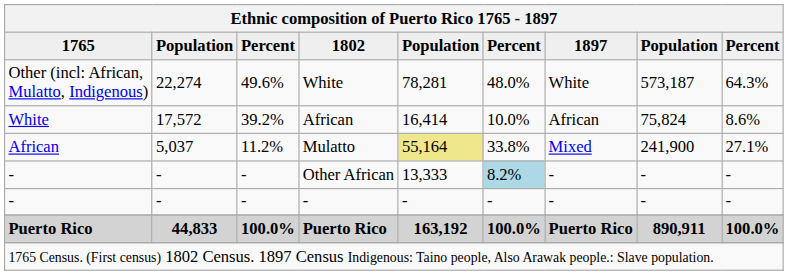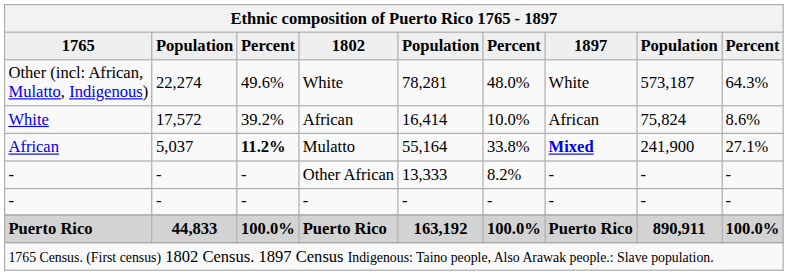 <table class="sort wikitable" style="font-size: 90%">
 <tr>
 <th colspan=9>Ethnic composition of Puerto Rico 1765 - 1897</th>
 </tr>
 <tr>
 <th style="background:#efefef;">1765</th>
 <th style="background:#efefef;">Population</th>
 <th style="background:#efefef;">Percent</th>
 <th style="background:#efefef;">1802</th>
 <th style="background:#efefef;">Population</th>
 <th style="background:#efefef;">Percent</th>
 <th style="background:#efefef;">1897</th>
 <th style="background:#efefef;">Population</th>
 <th style="background:#efefef;">Percent</th>
 </tr>
 <tr>
 <td>Other (incl: African, <br><a href='#'>Mulatto</a>, <a href='#'>Indigenous</a>)</td>
 <td>22,274</td>
 <td>49.6%</td>
 <td>White</td>
 <td>78,281</td>
 <td>48.0%</td>
 <td>White</td>
 <td>573,187</td>
 <td>64.3%</td>
 </tr>
 <tr>
 <td><a href='#'>White</a></td>
 <td>17,572</td>
 <td>39.2%</td>
 <td>African</td>
 <td>16,414</td>
 <td>10.0%</td>
 <td>African</td>
 <td>75,824</td>
 <td>8.6%</td>
 </tr>
 <tr>
 <td><a href='#'>African</a></td>
 <td>5,037</td>
-<td>11.2%</td>
+<td><strong>11.2%</strong></td>
 <td>Mulatto</td>
-<td style="background: khaki;">55,164</td>
+<td>55,164</td>
 <td>33.8%</td>
-<td><a href='#'>Mixed</a></td>
+<td><strong><a href='#'>Mixed</a></strong></td>
 <td>241,900</td>
 <td>27.1%</td>
 </tr>
 <tr>
 <td>-</td>
 <td>-</td>
 <td>-</td>
 <td>Other African</td>
 <td>13,333</td>
-<td style="background: lightblue;">8.2%</td>
+<td>8.2%</td>
 <td>-</td>
 <td>-</td>
 <td>-</td>
 </tr>
 <tr>
 <td>-</td>
 <td>-</td>
 <td>-</td>
 <td>-</td>
 <td>-</td>
 <td>-</td>
 <td>-</td>
 <td>-</td>
 <td>-</td>
 </tr>
 <tr>
 </tr>
 <tr class= "sortbottom" bgcolor="lightgrey">
 <td> <strong>Puerto Rico</strong></td>
 <td align = center><strong>44,833</strong></td>
 <td align = center><strong>100.0%</strong></td>
 <td> <strong>Puerto Rico</strong></td>
 <td align = center><strong>163,192</strong></td>
 <td align = center><strong>100.0%</strong></td>
 <td> <strong>Puerto Rico</strong></td>
 <td align = center><strong>890,911</strong></td>
 <td align = center><strong>100.0%</strong></td>
 </tr>
 <tr>
 </tr>
 <tr>
 <td colspan="9" style="text-align:left;"><small> 1765 Census. (First census)</small> 1802 Census. 1897 Census <small> Indigenous: Taino people, Also Arawak people.</small><small>: Slave population.</small></td>
 </tr>
 </table>
